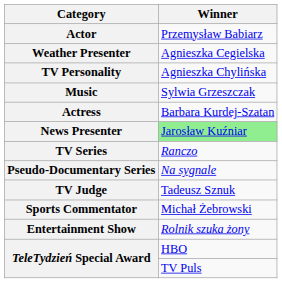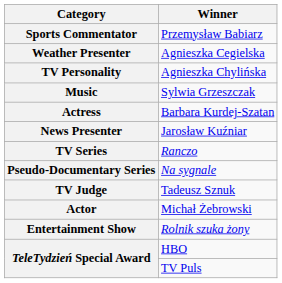 <table class="wikitable">
 <tr>
 <th>Category</th>
 <th>Winner</th>
 </tr>
 <tr>
-<th scope="row">Actor</th>
+<th scope="row">Sports Commentator</th>
 <td><a href='#'>Przemysław Babiarz</a></td>
 </tr>
 <tr>
 <th scope="row">Weather Presenter</th>
 <td><a href='#'>Agnieszka Cegielska</a></td>
 </tr>
 <tr>
 <th scope="row">TV Personality</th>
 <td><a href='#'>Agnieszka Chylińska</a></td>
 </tr>
 <tr>
 <th scope="row">Music</th>
 <td><a href='#'>Sylwia Grzeszczak</a></td>
 </tr>
 <tr>
 <th scope="row">Actress</th>
 <td><a href='#'>Barbara Kurdej-Szatan</a></td>
 </tr>
 <tr>
 <th scope="row">News Presenter</th>
-<td style="background: lightgreen;"><a href='#'>Jarosław Kuźniar</a></td>
+<td><a href='#'>Jarosław Kuźniar</a></td>
 </tr>
 <tr>
 <th scope="row">TV Series</th>
 <td><em><a href='#'>Ranczo</a></em></td>
 </tr>
 <tr>
 <th scope="row">Pseudo-Documentary Series</th>
 <td><em><a href='#'>Na sygnale</a></em></td>
 </tr>
 <tr>
 <th scope="row">TV Judge</th>
 <td><a href='#'>Tadeusz Sznuk</a></td>
 </tr>
 <tr>
-<th scope="row">Sports Commentator</th>
+<th scope="row">Actor</th>
 <td><a href='#'>Michał Żebrowski</a></td>
 </tr>
 <tr>
 <th scope="row">Entertainment Show</th>
 <td><em><a href='#'>Rolnik szuka żony</a></em></td>
 </tr>
 <tr>
 <th scope="row" rowspan="2"><em>TeleTydzień</em> Special Award</th>
 <td><a href='#'>HBO</a></td>
 </tr>
 <tr>
 <td><a href='#'>TV Puls</a></td>
 </tr>
 </table>
